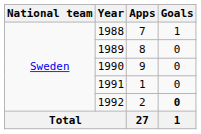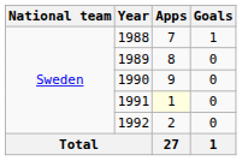 <table class="wikitable" style="text-align:center">
 <tr>
 <th>National team</th>
 <th>Year</th>
 <th>Apps</th>
 <th>Goals</th>
 </tr>
 <tr>
 <td rowspan="5"><a href='#'>Sweden</a></td>
 <td>1988</td>
 <td>7</td>
 <td>1</td>
 </tr>
 <tr>
 <td>1989</td>
 <td>8</td>
 <td>0</td>
 </tr>
 <tr>
 <td>1990</td>
 <td>9</td>
 <td>0</td>
 </tr>
 <tr>
 <td>1991</td>
-<td>1</td>
+<td style="background: lightyellow;">1</td>
 <td>0</td>
 </tr>
 <tr>
 <td>1992</td>
 <td>2</td>
-<td><strong>0</strong></td>
+<td>0</td>
 </tr>
 <tr>
 <th colspan="2">Total</th>
 <th>27</th>
 <th>1</th>
 </tr>
 </table>
